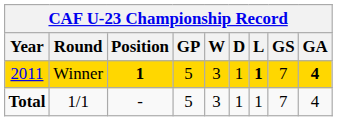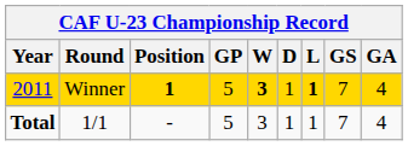 <table class="wikitable" style="text-align: center;font-size:90%;">
 <tr>
 <th colspan=9><a href='#'>CAF U-23 Championship Record</a></th>
 </tr>
 <tr>
 <th>Year</th>
 <th>Round</th>
 <th>Position</th>
 <th>GP</th>
 <th>W</th>
 <th>D</th>
 <th>L</th>
 <th>GS</th>
 <th>GA</th>
 </tr>
 <tr bgcolor=gold>
 <td> <a href='#'>2011</a></td>
 <td>Winner</td>
 <td><strong>1</strong></td>
 <td>5</td>
-<td>3</td>
+<td><strong>3</strong></td>
 <td>1</td>
 <td><strong>1</strong></td>
 <td>7</td>
-<td><strong>4</strong></td>
+<td>4</td>
 </tr>
 <tr>
 <td><strong>Total</strong></td>
 <td>1/1</td>
 <td>-</td>
 <td>5</td>
 <td>3</td>
 <td>1</td>
 <td>1</td>
 <td>7</td>
 <td>4</td>
 </tr>
 </table>
